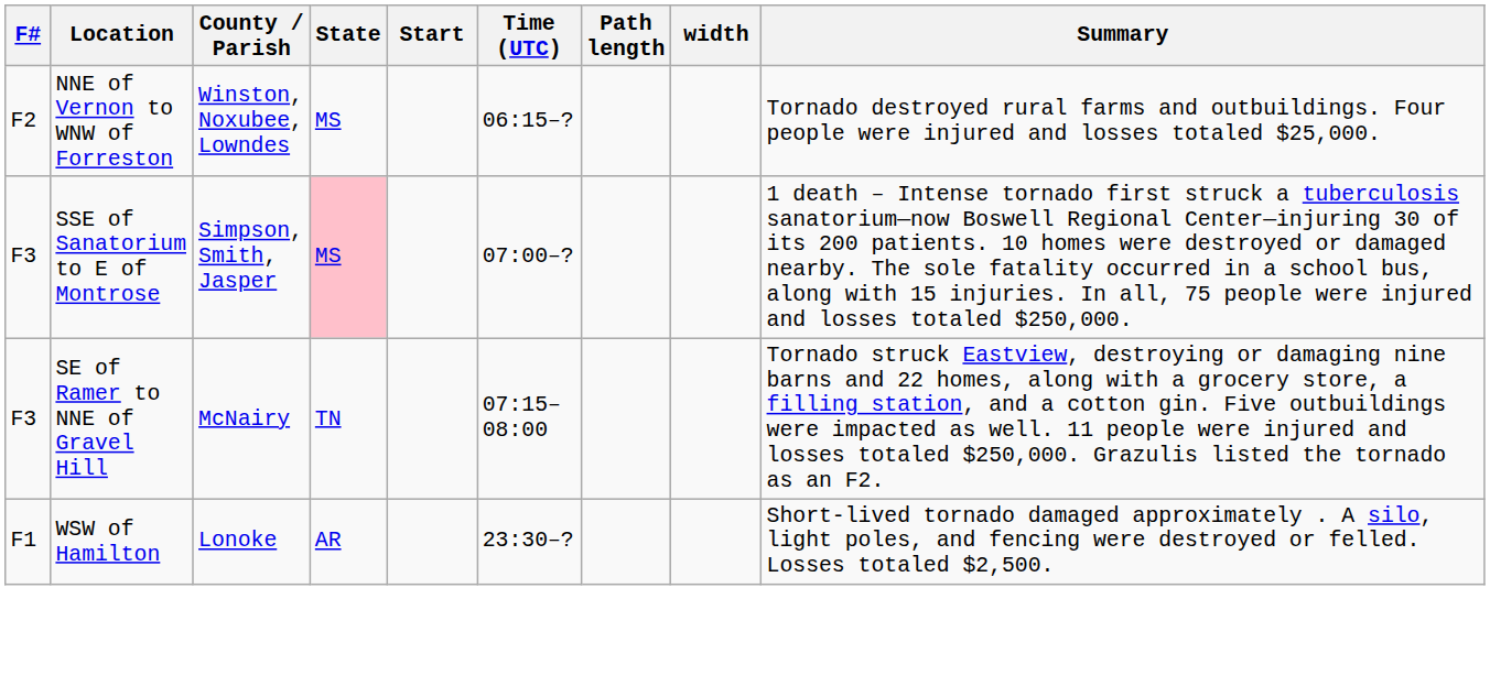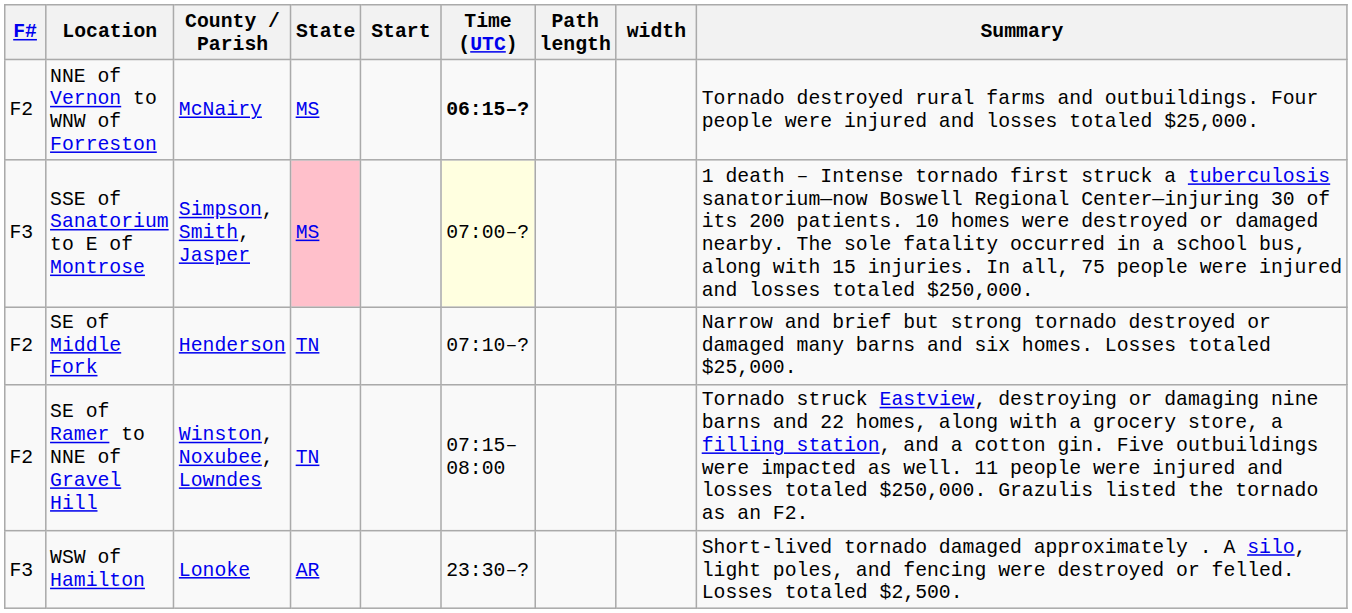 <table class="wikitable sortable" style="width:100%;">
 <tr>
 <th scope="col"  style="width:3%; text-align:center;"><a href='#'>F#</a></th>
 <th scope="col"  style="width:7%; text-align:center;" class="unsortable">Location</th>
 <th scope="col"  style="width:6%; text-align:center;" class="unsortable">County / Parish</th>
 <th scope="col"  style="width:5%; text-align:center;">State</th>
 <th scope="col"  style="width:6%; text-align:center;">Start<br></th>
 <th scope="col"  style="width:6%; text-align:center;">Time (<a href='#'>UTC</a>)</th>
 <th scope="col"  style="width:6%; text-align:center;">Path length</th>
 <th scope="col"  style="width:6%; text-align:center;"> width</th>
 <th scope="col" class="unsortable" style="width:48%; text-align:center;">Summary</th>
 </tr>
 <tr>
 <td>F2</td>
 <td>NNE of <a href='#'>Vernon</a> to WNW of <a href='#'>Forreston</a></td>
-<td><a href='#'>Winston</a>, <a href='#'>Noxubee</a>, <a href='#'>Lowndes</a></td>
+<td><a href='#'>McNairy</a></td>
 <td><a href='#'>MS</a></td>
 <td></td>
-<td>06:15–?</td>
+<td><strong>06:15–?</strong></td>
 <td></td>
 <td></td>
 <td>Tornado destroyed rural farms and outbuildings. Four people were injured and losses totaled $25,000.</td>
 </tr>
 <tr>
 <td>F3</td>
 <td>SSE of <a href='#'>Sanatorium</a> to E of <a href='#'>Montrose</a></td>
 <td><a href='#'>Simpson</a>, <a href='#'>Smith</a>, <a href='#'>Jasper</a></td>
 <td style="background: pink;"><a href='#'>MS</a></td>
 <td></td>
-<td>07:00–?</td>
+<td style="background: lightyellow;">07:00–?</td>
 <td></td>
 <td></td>
 <td>1 death – Intense tornado first struck a <a href='#'>tuberculosis</a> sanatorium—now Boswell Regional Center—injuring 30 of its 200 patients. 10 homes were destroyed or damaged nearby. The sole fatality occurred in a school bus, along with 15 injuries. In all, 75 people were injured and losses totaled $250,000.</td>
 </tr>
 <tr>
-<td>F3</td>
+<td>F2</td>
+<td>SE of <a href='#'>Middle Fork</a></td>
+<td><a href='#'>Henderson</a></td>
+<td><a href='#'>TN</a></td>
+<td></td>
+<td>07:10–?</td>
+<td></td>
+<td></td>
+<td>Narrow and brief but strong tornado destroyed or damaged many barns and six homes. Losses totaled $25,000.</td>
+</tr>
+<tr>
+<td>F2</td>
 <td>SE of <a href='#'>Ramer</a> to NNE of <a href='#'>Gravel Hill</a></td>
-<td><a href='#'>McNairy</a></td>
+<td><a href='#'>Winston</a>, <a href='#'>Noxubee</a>, <a href='#'>Lowndes</a></td>
 <td><a href='#'>TN</a></td>
 <td></td>
 <td>07:15–08:00</td>
 <td></td>
 <td></td>
 <td>Tornado struck <a href='#'>Eastview</a>, destroying or damaging nine barns and 22 homes, along with a grocery store, a <a href='#'>filling station</a>, and a cotton gin. Five outbuildings were impacted as well. 11 people were injured and losses totaled $250,000. Grazulis listed the tornado as an F2.</td>
 </tr>
 <tr>
-<td>F1</td>
+<td>F3</td>
 <td>WSW of <a href='#'>Hamilton</a></td>
 <td><a href='#'>Lonoke</a></td>
 <td><a href='#'>AR</a></td>
 <td></td>
 <td>23:30–?</td>
 <td></td>
 <td></td>
 <td>Short-lived tornado damaged approximately . A <a href='#'>silo</a>, light poles, and fencing were destroyed or felled. Losses totaled $2,500.</td>
 </tr>
 </table>
